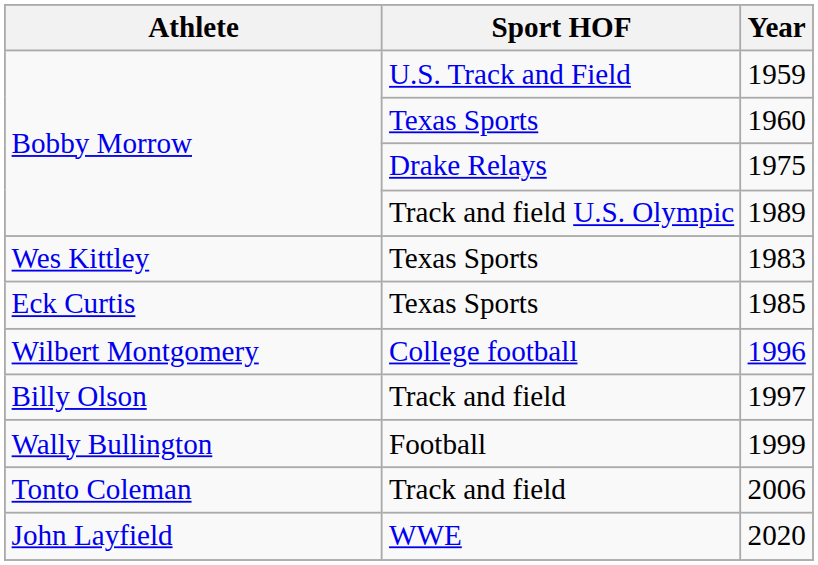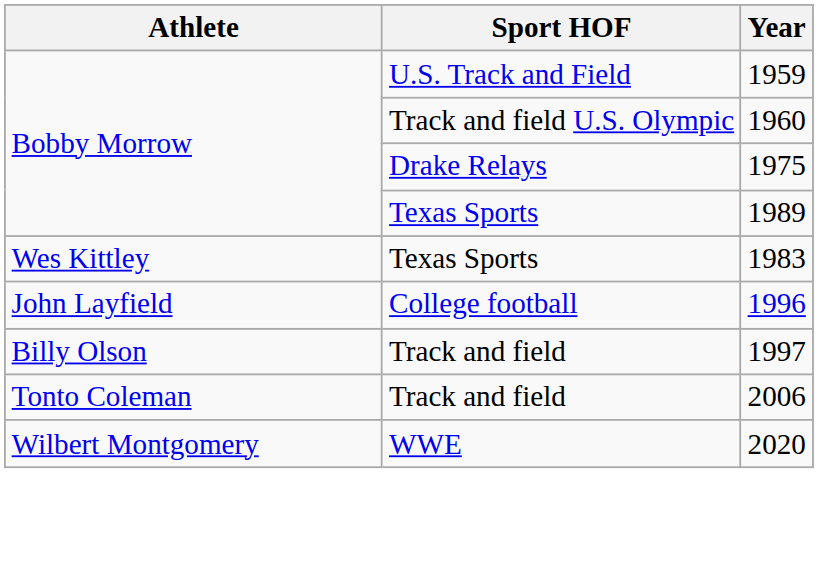 <table class="wikitable"; style= "text-align: ">
 <tr>
 <th width=200px>Athlete</th>
 <th width=px>Sport HOF</th>
 <th width=px>Year</th>
 </tr>
 <tr>
 <td rowspan=4><a href='#'>Bobby Morrow</a></td>
 <td><a href='#'>U.S. Track and Field</a></td>
 <td>1959</td>
 </tr>
 <tr>
-<td><a href='#'>Texas Sports</a></td>
+<td>Track and field <a href='#'>U.S. Olympic</a></td>
 <td>1960</td>
 </tr>
 <tr>
 <td><a href='#'>Drake Relays</a></td>
 <td>1975</td>
 </tr>
 <tr>
-<td>Track and field <a href='#'>U.S. Olympic</a></td>
+<td><a href='#'>Texas Sports</a></td>
 <td>1989</td>
 </tr>
 <tr>
 <td><a href='#'>Wes Kittley</a></td>
 <td>Texas Sports</td>
 <td>1983</td>
 </tr>
 <tr>
-<td><a href='#'>Eck Curtis</a></td>
-<td>Texas Sports</td>
-<td>1985</td>
-</tr>
-<tr>
-<td><a href='#'>Wilbert Montgomery</a></td>
+<td><a href='#'>John Layfield</a></td>
 <td><a href='#'>College football</a></td>
 <td><a href='#'>1996</a></td>
 </tr>
 <tr>
 <td><a href='#'>Billy Olson</a></td>
 <td>Track and field</td>
 <td>1997</td>
 </tr>
 <tr>
-<td><a href='#'>Wally Bullington</a></td>
-<td>Football</td>
-<td>1999</td>
-</tr>
-<tr>
 <td><a href='#'>Tonto Coleman</a></td>
 <td>Track and field</td>
 <td>2006</td>
 </tr>
 <tr>
-<td><a href='#'>John Layfield</a></td>
+<td><a href='#'>Wilbert Montgomery</a></td>
 <td><a href='#'>WWE</a></td>
 <td>2020 </td>
 </tr>
 </table>
